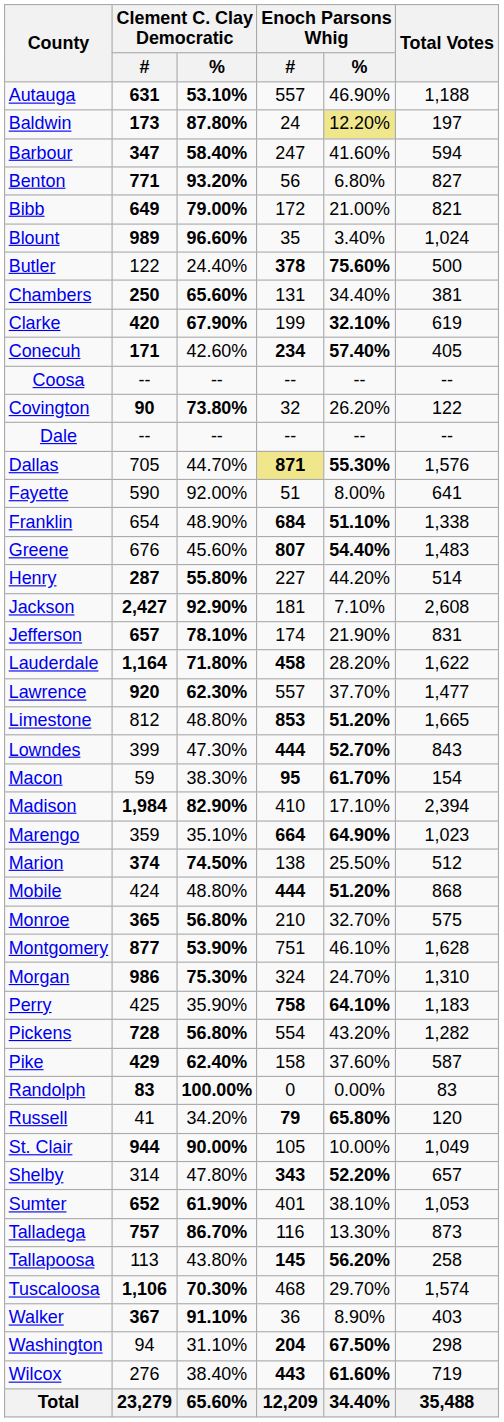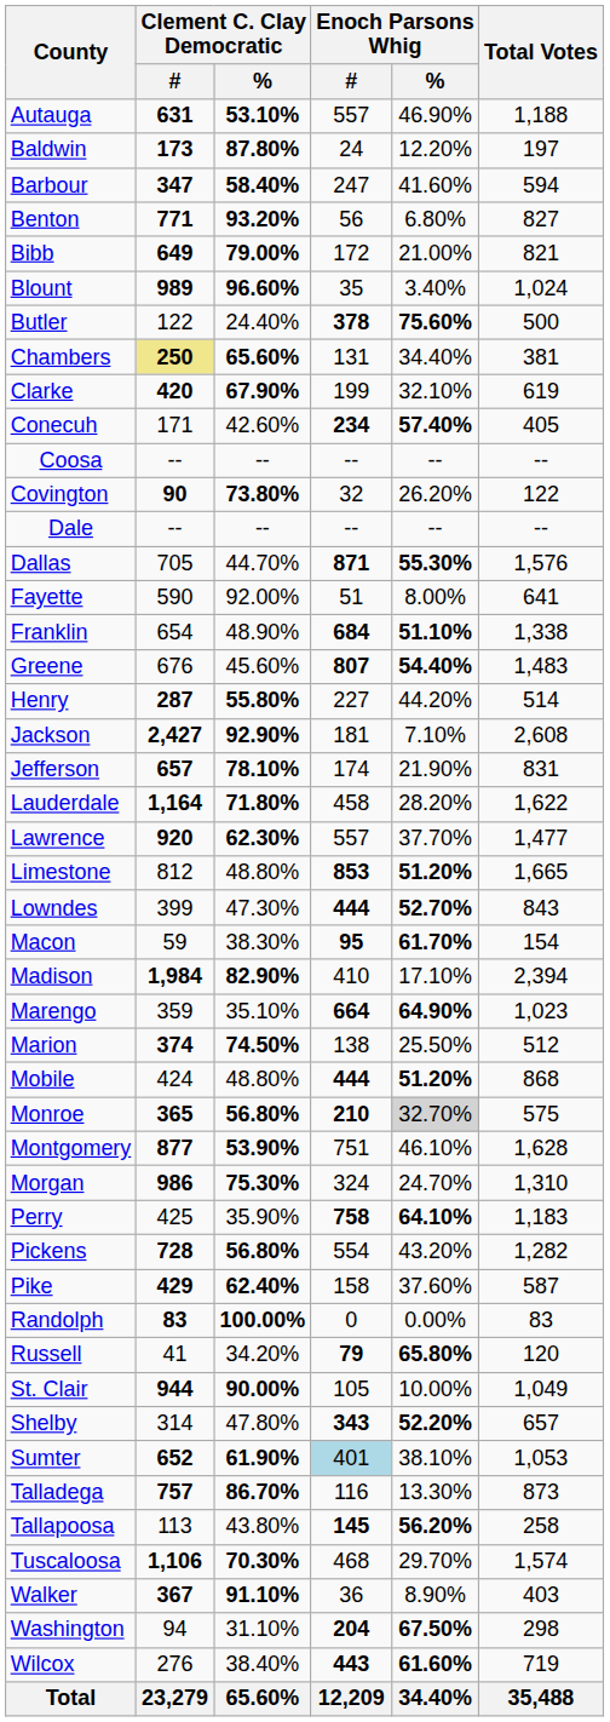 <table class="wikitable sortable">
 <tr>
 <th rowspan="2" scope="col">County</th>
 <th colspan="2" scope="col">Clement C. Clay<br>Democratic</th>
 <th colspan="2" scope="col">Enoch Parsons<br>Whig</th>
 <th rowspan="2" scope="col">Total Votes</th>
 </tr>
 <tr>
 <th>#</th>
 <th>%</th>
 <th>#</th>
 <th>%</th>
 </tr>
 <tr>
 <td><a href='#'>Autauga</a></td>
 <td align="center"><strong>631</strong></td>
 <td align="center"><strong>53.10%</strong></td>
 <td align="center">557</td>
 <td align="center">46.90%</td>
 <td align="center">1,188</td>
 </tr>
 <tr>
 <td><a href='#'>Baldwin</a></td>
 <td align="center"><strong>173</strong></td>
 <td align="center"><strong>87.80%</strong></td>
 <td align="center">24</td>
-<td align="center" style="background: khaki;">12.20%</td>
+<td align="center">12.20%</td>
 <td align="center">197</td>
 </tr>
 <tr>
 <td><a href='#'>Barbour</a></td>
 <td align="center"><strong>347</strong></td>
 <td align="center"><strong>58.40%</strong></td>
 <td align="center">247</td>
 <td align="center">41.60%</td>
 <td align="center">594</td>
 </tr>
 <tr>
 <td><a href='#'>Benton</a></td>
 <td align="center"><strong>771</strong></td>
 <td align="center"><strong>93.20%</strong></td>
 <td align="center">56</td>
 <td align="center">6.80%</td>
 <td align="center">827</td>
 </tr>
 <tr>
 <td><a href='#'>Bibb</a></td>
 <td align="center"><strong>649</strong></td>
 <td align="center"><strong>79.00%</strong></td>
 <td align="center">172</td>
 <td align="center">21.00%</td>
 <td align="center">821</td>
 </tr>
 <tr>
 <td><a href='#'>Blount</a></td>
 <td align="center"><strong>989</strong></td>
 <td align="center"><strong>96.60%</strong></td>
 <td align="center">35</td>
 <td align="center">3.40%</td>
 <td align="center">1,024</td>
 </tr>
 <tr>
 <td><a href='#'>Butler</a></td>
 <td align="center">122</td>
 <td align="center">24.40%</td>
 <td align="center"><strong>378</strong></td>
 <td align="center"><strong>75.60%</strong></td>
 <td align="center">500</td>
 </tr>
 <tr>
 <td><a href='#'>Chambers</a></td>
-<td align="center"><strong>250</strong></td>
+<td align="center" style="background: khaki;"><strong>250</strong></td>
 <td align="center"><strong>65.60%</strong></td>
 <td align="center">131</td>
 <td align="center">34.40%</td>
 <td align="center">381</td>
 </tr>
 <tr>
 <td><a href='#'>Clarke</a></td>
 <td align="center"><strong>420</strong></td>
 <td align="center"><strong>67.90%</strong></td>
 <td align="center">199</td>
-<td align="center"><strong>32.10%</strong></td>
+<td align="center">32.10%</td>
 <td align="center">619</td>
 </tr>
 <tr>
 <td><a href='#'>Conecuh</a></td>
-<td align="center"><strong>171</strong></td>
+<td align="center">171</td>
 <td align="center">42.60%</td>
 <td align="center"><strong>234</strong></td>
 <td align="center"><strong>57.40%</strong></td>
 <td align="center">405</td>
 </tr>
 <tr>
 <td align="center"><a href='#'>Coosa</a></td>
 <td align="center">--</td>
 <td align="center">--</td>
 <td align="center">--</td>
 <td align="center">--</td>
 <td align="center">--</td>
 </tr>
 <tr>
 <td><a href='#'>Covington</a></td>
 <td align="center"><strong>90</strong></td>
 <td align="center"><strong>73.80%</strong></td>
 <td align="center">32</td>
 <td align="center">26.20%</td>
 <td align="center">122</td>
 </tr>
 <tr>
 <td align="center"><a href='#'>Dale</a></td>
 <td align="center">--</td>
 <td align="center">--</td>
 <td align="center">--</td>
 <td align="center">--</td>
 <td align="center">--</td>
 </tr>
 <tr>
 <td><a href='#'>Dallas</a></td>
 <td align="center">705</td>
 <td align="center">44.70%</td>
-<td align="center" style="background: khaki;"><strong>871</strong></td>
+<td align="center"><strong>871</strong></td>
 <td align="center"><strong>55.30%</strong></td>
 <td align="center">1,576</td>
 </tr>
 <tr>
 <td><a href='#'>Fayette</a></td>
 <td align="center">590</td>
 <td align="center">92.00%</td>
 <td align="center">51</td>
 <td align="center">8.00%</td>
 <td align="center">641</td>
 </tr>
 <tr>
 <td><a href='#'>Franklin</a></td>
 <td align="center">654</td>
 <td align="center">48.90%</td>
 <td align="center"><strong>684</strong></td>
 <td align="center"><strong>51.10%</strong></td>
 <td align="center">1,338</td>
 </tr>
 <tr>
 <td><a href='#'>Greene</a></td>
 <td align="center">676</td>
 <td align="center">45.60%</td>
 <td align="center"><strong>807</strong></td>
 <td align="center"><strong>54.40%</strong></td>
 <td align="center">1,483</td>
 </tr>
 <tr>
 <td><a href='#'>Henry</a></td>
 <td align="center"><strong>287</strong></td>
 <td align="center"><strong>55.80%</strong></td>
 <td align="center">227</td>
 <td align="center">44.20%</td>
 <td align="center">514</td>
 </tr>
 <tr>
 <td><a href='#'>Jackson</a></td>
 <td align="center"><strong>2,427</strong></td>
 <td align="center"><strong>92.90%</strong></td>
 <td align="center">181</td>
 <td align="center">7.10%</td>
 <td align="center">2,608</td>
 </tr>
 <tr>
 <td><a href='#'>Jefferson</a></td>
 <td align="center"><strong>657</strong></td>
 <td align="center"><strong>78.10%</strong></td>
 <td align="center">174</td>
 <td align="center">21.90%</td>
 <td align="center">831</td>
 </tr>
 <tr>
 <td><a href='#'>Lauderdale</a></td>
 <td align="center"><strong>1,164</strong></td>
 <td align="center"><strong>71.80%</strong></td>
-<td align="center"><strong>458</strong></td>
+<td align="center">458</td>
 <td align="center">28.20%</td>
 <td align="center">1,622</td>
 </tr>
 <tr>
 <td><a href='#'>Lawrence</a></td>
 <td align="center"><strong>920</strong></td>
 <td align="center"><strong>62.30%</strong></td>
 <td align="center">557</td>
 <td align="center">37.70%</td>
 <td align="center">1,477</td>
 </tr>
 <tr>
 <td><a href='#'>Limestone</a></td>
 <td align="center">812</td>
 <td align="center">48.80%</td>
 <td align="center"><strong>853</strong></td>
 <td align="center"><strong>51.20%</strong></td>
 <td align="center">1,665</td>
 </tr>
 <tr>
 <td><a href='#'>Lowndes</a></td>
 <td align="center">399</td>
 <td align="center">47.30%</td>
 <td align="center"><strong>444</strong></td>
 <td align="center"><strong>52.70%</strong></td>
 <td align="center">843</td>
 </tr>
 <tr>
 <td><a href='#'>Macon</a></td>
 <td align="center">59</td>
 <td align="center">38.30%</td>
 <td align="center"><strong>95</strong></td>
 <td align="center"><strong>61.70%</strong></td>
 <td align="center">154</td>
 </tr>
 <tr>
 <td><a href='#'>Madison</a></td>
 <td align="center"><strong>1,984</strong></td>
 <td align="center"><strong>82.90%</strong></td>
 <td align="center">410</td>
 <td align="center">17.10%</td>
 <td align="center">2,394</td>
 </tr>
 <tr>
 <td><a href='#'>Marengo</a></td>
 <td align="center">359</td>
 <td align="center">35.10%</td>
 <td align="center"><strong>664</strong></td>
 <td align="center"><strong>64.90%</strong></td>
 <td align="center">1,023</td>
 </tr>
 <tr>
 <td><a href='#'>Marion</a></td>
 <td align="center"><strong>374</strong></td>
 <td align="center"><strong>74.50%</strong></td>
 <td align="center">138</td>
 <td align="center">25.50%</td>
 <td align="center">512</td>
 </tr>
 <tr>
 <td><a href='#'>Mobile</a></td>
 <td align="center">424</td>
 <td align="center">48.80%</td>
 <td align="center"><strong>444</strong></td>
 <td align="center"><strong>51.20%</strong></td>
 <td align="center">868</td>
 </tr>
 <tr>
 <td><a href='#'>Monroe</a></td>
 <td align="center"><strong>365</strong></td>
 <td align="center"><strong>56.80%</strong></td>
-<td align="center">210</td>
-<td align="center">32.70%</td>
+<td align="center"><strong>210</strong></td>
+<td align="center" style="background: lightgrey;">32.70%</td>
 <td align="center">575</td>
 </tr>
 <tr>
 <td><a href='#'>Montgomery</a></td>
 <td align="center"><strong>877</strong></td>
 <td align="center"><strong>53.90%</strong></td>
 <td align="center">751</td>
 <td align="center">46.10%</td>
 <td align="center">1,628</td>
 </tr>
 <tr>
 <td><a href='#'>Morgan</a></td>
 <td align="center"><strong>986</strong></td>
 <td align="center"><strong>75.30%</strong></td>
 <td align="center">324</td>
 <td align="center">24.70%</td>
 <td align="center">1,310</td>
 </tr>
 <tr>
 <td><a href='#'>Perry</a></td>
 <td align="center">425</td>
 <td align="center">35.90%</td>
 <td align="center"><strong>758</strong></td>
 <td align="center"><strong>64.10%</strong></td>
 <td align="center">1,183</td>
 </tr>
 <tr>
 <td><a href='#'>Pickens</a></td>
 <td align="center"><strong>728</strong></td>
 <td align="center"><strong>56.80%</strong></td>
 <td align="center">554</td>
 <td align="center">43.20%</td>
 <td align="center">1,282</td>
 </tr>
 <tr>
 <td><a href='#'>Pike</a></td>
 <td align="center"><strong>429</strong></td>
 <td align="center"><strong>62.40%</strong></td>
 <td align="center">158</td>
 <td align="center">37.60%</td>
 <td align="center">587</td>
 </tr>
 <tr>
 <td><a href='#'>Randolph</a></td>
 <td align="center"><strong>83</strong></td>
 <td align="center"><strong>100.00%</strong></td>
 <td align="center">0</td>
 <td align="center">0.00%</td>
 <td align="center">83</td>
 </tr>
 <tr>
 <td><a href='#'>Russell</a></td>
 <td align="center">41</td>
 <td align="center">34.20%</td>
 <td align="center"><strong>79</strong></td>
 <td align="center"><strong>65.80%</strong></td>
 <td align="center">120</td>
 </tr>
 <tr>
 <td><a href='#'>St. Clair</a></td>
 <td align="center"><strong>944</strong></td>
 <td align="center"><strong>90.00%</strong></td>
 <td align="center">105</td>
 <td align="center">10.00%</td>
 <td align="center">1,049</td>
 </tr>
 <tr>
 <td><a href='#'>Shelby</a></td>
 <td align="center">314</td>
 <td align="center">47.80%</td>
 <td align="center"><strong>343</strong></td>
 <td align="center"><strong>52.20%</strong></td>
 <td align="center">657</td>
 </tr>
 <tr>
 <td><a href='#'>Sumter</a></td>
 <td align="center"><strong>652</strong></td>
 <td align="center"><strong>61.90%</strong></td>
-<td align="center">401</td>
+<td align="center" style="background: lightblue;">401</td>
 <td align="center">38.10%</td>
 <td align="center">1,053</td>
 </tr>
 <tr>
 <td><a href='#'>Talladega</a></td>
 <td align="center"><strong>757</strong></td>
 <td align="center"><strong>86.70%</strong></td>
 <td align="center">116</td>
 <td align="center">13.30%</td>
 <td align="center">873</td>
 </tr>
 <tr>
 <td><a href='#'>Tallapoosa</a></td>
 <td align="center">113</td>
 <td align="center">43.80%</td>
 <td align="center"><strong>145</strong></td>
 <td align="center"><strong>56.20%</strong></td>
 <td align="center">258</td>
 </tr>
 <tr>
 <td><a href='#'>Tuscaloosa</a></td>
 <td align="center"><strong>1,106</strong></td>
 <td align="center"><strong>70.30%</strong></td>
 <td align="center">468</td>
 <td align="center">29.70%</td>
 <td align="center">1,574</td>
 </tr>
 <tr>
 <td><a href='#'>Walker</a></td>
 <td align="center"><strong>367</strong></td>
 <td align="center"><strong>91.10%</strong></td>
 <td align="center">36</td>
 <td align="center">8.90%</td>
 <td align="center">403</td>
 </tr>
 <tr>
 <td><a href='#'>Washington</a></td>
 <td align="center">94</td>
 <td align="center">31.10%</td>
 <td align="center"><strong>204</strong></td>
 <td align="center"><strong>67.50%</strong></td>
 <td align="center">298</td>
 </tr>
 <tr>
 <td><a href='#'>Wilcox</a></td>
 <td align="center">276</td>
 <td align="center">38.40%</td>
 <td align="center"><strong>443</strong></td>
 <td align="center"><strong>61.60%</strong></td>
 <td align="center">719</td>
 </tr>
 <tr>
 <th>Total</th>
 <th>23,279</th>
 <th>65.60%</th>
 <th>12,209</th>
 <th>34.40%</th>
 <th>35,488</th>
 </tr>
 </table>
